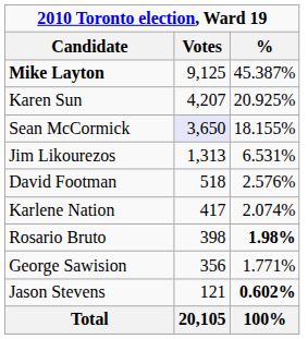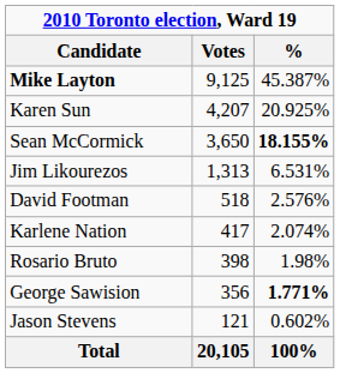 <table class="wikitable">
 <tr>
 <td Colspan="3" align="center"><strong><a href='#'>2010 Toronto election</a>, Ward 19</strong></td>
 </tr>
 <tr>
 <th bgcolor="#DDDDFF" width="150px">Candidate</th>
 <th bgcolor="#DDDDFF">Votes</th>
 <th bgcolor="#DDDDFF">%</th>
 </tr>
 <tr>
 <td><strong>Mike Layton</strong></td>
 <td align=right>9,125</td>
 <td align=right>45.387%</td>
 </tr>
 <tr>
 <td>Karen Sun</td>
 <td align=right>4,207</td>
 <td align=right>20.925%</td>
 </tr>
 <tr>
 <td>Sean McCormick</td>
-<td align=right style="background: lavender;">3,650</td>
-<td align=right>18.155%</td>
+<td align=right>3,650</td>
+<td align=right><strong>18.155%</strong></td>
 </tr>
 <tr>
 <td>Jim Likourezos</td>
 <td align=right>1,313</td>
 <td align=right>6.531%</td>
 </tr>
 <tr>
 <td>David Footman</td>
 <td align=right>518</td>
 <td align=right>2.576%</td>
 </tr>
 <tr>
 <td>Karlene Nation</td>
 <td align=right>417</td>
 <td align=right>2.074%</td>
 </tr>
 <tr>
 <td>Rosario Bruto</td>
 <td align=right>398</td>
-<td align=right><strong>1.98%</strong></td>
+<td align=right>1.98%</td>
 </tr>
 <tr>
 <td>George Sawision</td>
 <td align=right>356</td>
-<td align=right>1.771%</td>
+<td align=right><strong>1.771%</strong></td>
 </tr>
 <tr>
 <td>Jason Stevens</td>
 <td align=right>121</td>
-<td align=right><strong>0.602%</strong></td>
+<td align=right>0.602%</td>
 </tr>
 <tr>
 <th>Total</th>
 <th align=right>20,105</th>
 <th align=right>100%</th>
 </tr>
 </table>
